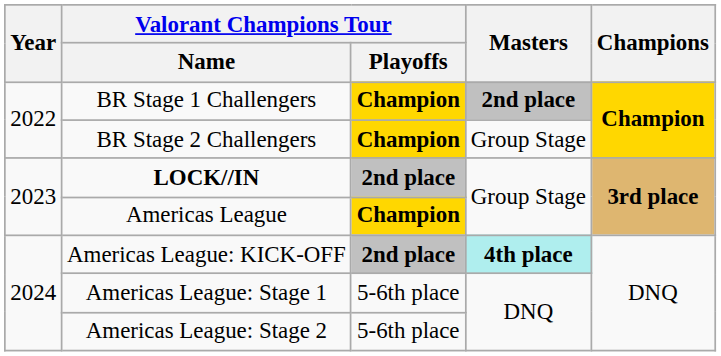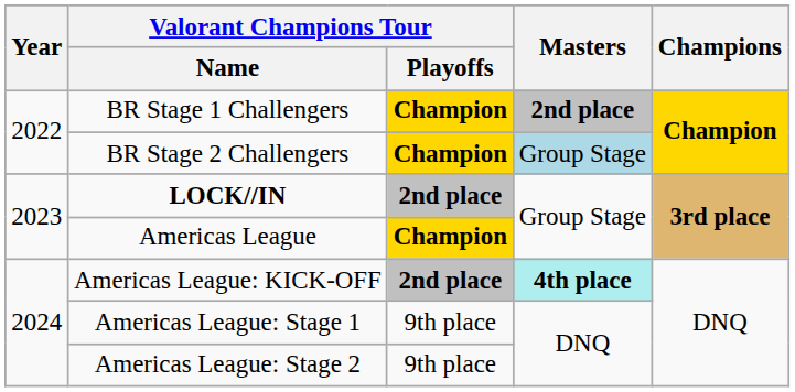 <table class="wikitable" style="text-align:center; font-size:smaller">
 <tr>
 <th rowspan="2">Year</th>
 <th colspan="2"><a href='#'>Valorant Champions Tour</a></th>
 <th rowspan="2">Masters</th>
 <th rowspan="2">Champions</th>
 </tr>
 <tr>
 <th>Name</th>
 <th>Playoffs</th>
 </tr>
 <tr>
 <td rowspan="2">2022</td>
 <td>BR Stage 1 Challengers</td>
 <td bgcolor=gold><strong>Champion</strong></td>
 <td bgcolor="silver"><strong>2nd place</strong></td>
 <td rowspan="2" bgcolor=gold><strong>Champion</strong></td>
 </tr>
 <tr>
 <td>BR Stage 2 Challengers</td>
 <td bgcolor=gold><strong>Champion</strong></td>
-<td>Group Stage</td>
+<td style="background: lightblue;">Group Stage</td>
 </tr>
 <tr>
 <td rowspan="2">2023</td>
 <td><strong>LOCK//IN</strong></td>
 <td bgcolor="silver"><strong>2nd place</strong></td>
 <td rowspan="2">Group Stage</td>
 <td rowspan="2" bgcolor="#deb67"><strong>3rd place</strong></td>
 </tr>
 <tr>
 <td>Americas League</td>
 <td bgcolor=gold><strong>Champion</strong></td>
 </tr>
 <tr>
 <td rowspan="3">2024</td>
 <td>Americas League: KICK-OFF</td>
 <td bgcolor="silver"><strong>2nd place</strong></td>
 <td style="background: paleturquoise;"><strong>4th place</strong></td>
 <td rowspan="3">DNQ</td>
 </tr>
 <tr>
 <td>Americas League: Stage 1</td>
-<td>5-6th place</td>
+<td>9th place</td>
 <td rowspan="2">DNQ</td>
 </tr>
 <tr>
 <td>Americas League: Stage 2</td>
-<td>5-6th place</td>
+<td>9th place</td>
 </tr>
 </table>
